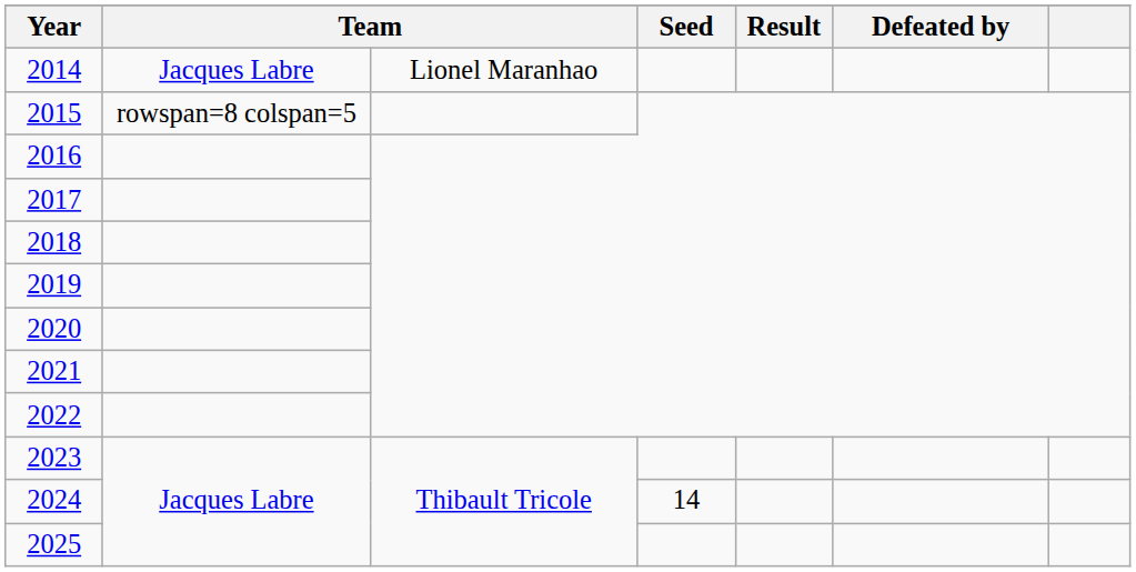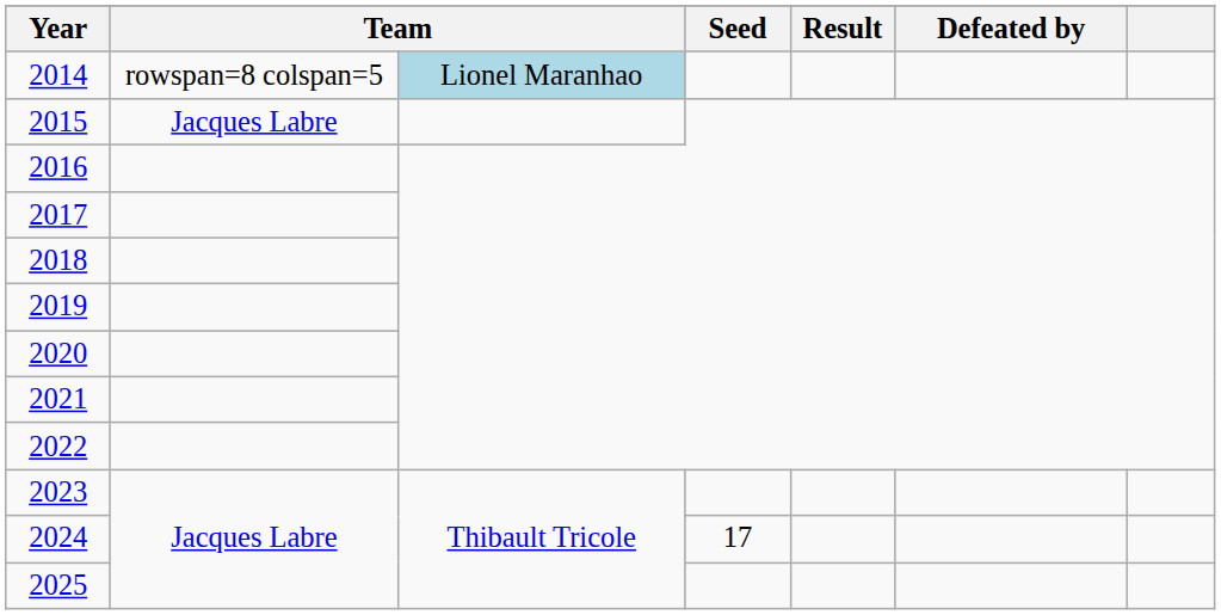 <table class="wikitable" style="text-align: center;">
 <tr style= "background: #e2e2e2;">
 </tr>
 <tr style="background: #efefef;">
 <th width=50px>Year</th>
 <th colspan="2">Team</th>
 <th width=50px>Seed</th>
 <th width=50px>Result</th>
 <th width=120px>Defeated by</th>
 <th width=40px></th>
 </tr>
 <tr>
 <td><a href='#'>2014</a></td>
-<td width=150px><a href='#'>Jacques Labre</a></td>
-<td width=150px>Lionel Maranhao</td>
+<td>rowspan=8 colspan=5 </td>
+<td width=150px style="background: lightblue;">Lionel Maranhao</td>
 <td></td>
 <td></td>
 <td> </td>
 <td></td>
 </tr>
 <tr>
 <td><a href='#'>2015</a></td>
-<td>rowspan=8 colspan=5 </td>
+<td width=150px><a href='#'>Jacques Labre</a></td>
 <td></td>
 </tr>
 <tr>
 <td><a href='#'>2016</a></td>
 <td></td>
 </tr>
 <tr>
 <td><a href='#'>2017</a></td>
 <td></td>
 </tr>
 <tr>
 <td><a href='#'>2018</a></td>
 <td></td>
 </tr>
 <tr>
 <td><a href='#'>2019</a></td>
 <td></td>
 </tr>
 <tr>
 <td><a href='#'>2020</a></td>
 <td></td>
 </tr>
 <tr>
 <td><a href='#'>2021</a></td>
 <td></td>
 </tr>
 <tr>
 <td><a href='#'>2022</a></td>
 <td></td>
 </tr>
 <tr>
 <td><a href='#'>2023</a></td>
 <td rowspan=3><a href='#'>Jacques Labre</a></td>
 <td rowspan=3><a href='#'>Thibault Tricole</a></td>
 <td></td>
 <td></td>
 <td> </td>
 <td></td>
 </tr>
 <tr>
 <td><a href='#'>2024</a></td>
-<td>14</td>
+<td>17</td>
 <td></td>
 <td> </td>
 <td></td>
 </tr>
 <tr>
 <td><a href='#'>2025</a></td>
 <td></td>
 <td></td>
 <td></td>
 <td></td>
 </tr>
 </table>
